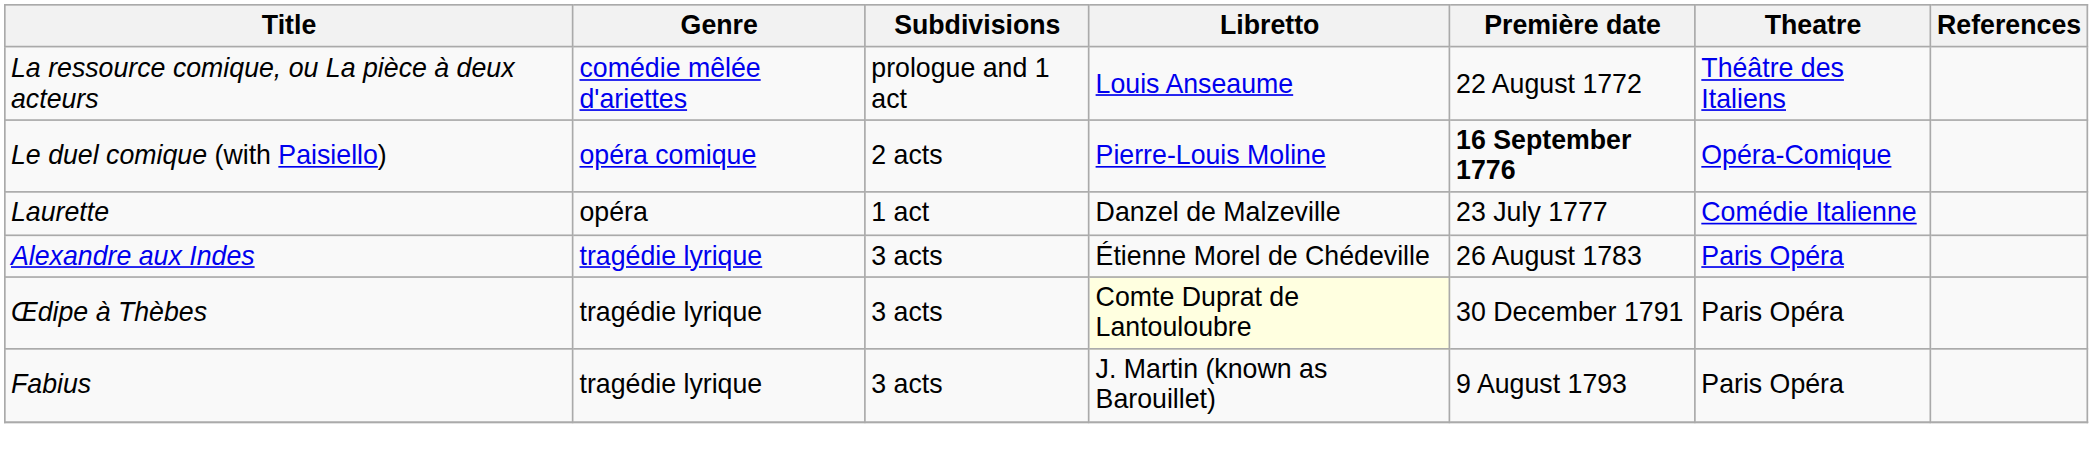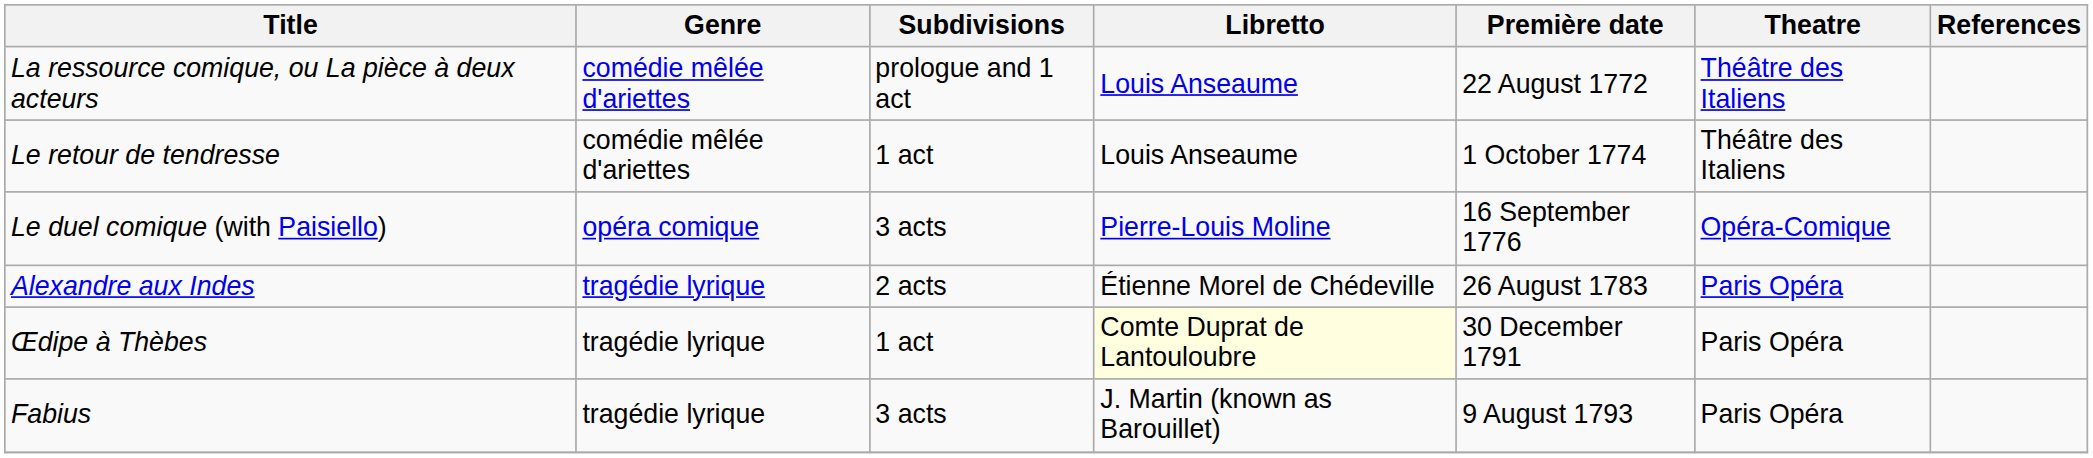 <table class="wikitable sortable">
 <tr>
 <th>Title</th>
 <th>Genre</th>
 <th>Sub­divisions</th>
 <th>Libretto</th>
 <th>Première date</th>
 <th>Theatre</th>
 <th>References</th>
 </tr>
 <tr>
 <td><em>La ressource comique, ou La pièce à deux acteurs</em></td>
 <td><a href='#'>comédie mêlée d'ariettes</a></td>
 <td>prologue and 1 act</td>
 <td><a href='#'>Louis Anseaume</a></td>
 <td>22 August 1772</td>
 <td><a href='#'>Théâtre des Italiens</a></td>
 <td></td>
 </tr>
 <tr>
-<td><em>Le duel comique</em> (with <a href='#'>Paisiello</a>)</td>
-<td><a href='#'>opéra comique</a></td>
-<td>2 acts</td>
-<td><a href='#'>Pierre-Louis Moline</a></td>
-<td><strong>16 September 1776</strong></td>
-<td><a href='#'>Opéra-Comique</a></td>
+<td><em>Le retour de tendresse</em></td>
+<td>comédie mêlée d'ariettes</td>
+<td>1 act</td>
+<td>Louis Anseaume</td>
+<td>1 October 1774</td>
+<td>Théâtre des Italiens</td>
 <td></td>
 </tr>
 <tr>
-<td><em>Laurette</em></td>
-<td>opéra</td>
-<td>1 act</td>
-<td>Danzel de Malzeville</td>
-<td>23 July 1777</td>
-<td><a href='#'>Comédie Italienne</a></td>
+<td><em>Le duel comique</em> (with <a href='#'>Paisiello</a>)</td>
+<td><a href='#'>opéra comique</a></td>
+<td>3 acts</td>
+<td><a href='#'>Pierre-Louis Moline</a></td>
+<td>16 September 1776</td>
+<td><a href='#'>Opéra-Comique</a></td>
 <td></td>
 </tr>
 <tr>
 <td><em><a href='#'>Alexandre aux Indes</a></em></td>
 <td><a href='#'>tragédie lyrique</a></td>
-<td>3 acts</td>
+<td>2 acts</td>
 <td>Étienne Morel de Chédeville</td>
 <td>26 August 1783</td>
 <td><a href='#'>Paris Opéra</a></td>
 <td></td>
 </tr>
 <tr>
 <td><em>Œdipe à Thèbes</em></td>
 <td>tragédie lyrique</td>
-<td>3 acts</td>
+<td>1 act</td>
 <td style="background: lightyellow;">Comte Duprat de Lantouloubre</td>
 <td>30 December 1791</td>
 <td>Paris Opéra</td>
 <td></td>
 </tr>
 <tr>
 <td><em>Fabius</em></td>
 <td>tragédie lyrique</td>
 <td>3 acts</td>
 <td>J. Martin (known as Barouillet)</td>
 <td>9 August 1793</td>
 <td>Paris Opéra</td>
 <td></td>
 </tr>
 <tr>
 </tr>
 </table>
